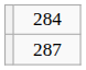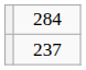 <table class="wikitable">
 <tr>
 <th></th>
 <td style="padding-left: 1em; padding-right: 1em">284</td>
 </tr>
 <tr>
 <th></th>
-<td style="padding-left: 1em; padding-right: 1em">287</td>
+<td style="padding-left: 1em; padding-right: 1em">237</td>
 </tr>
 </table>
